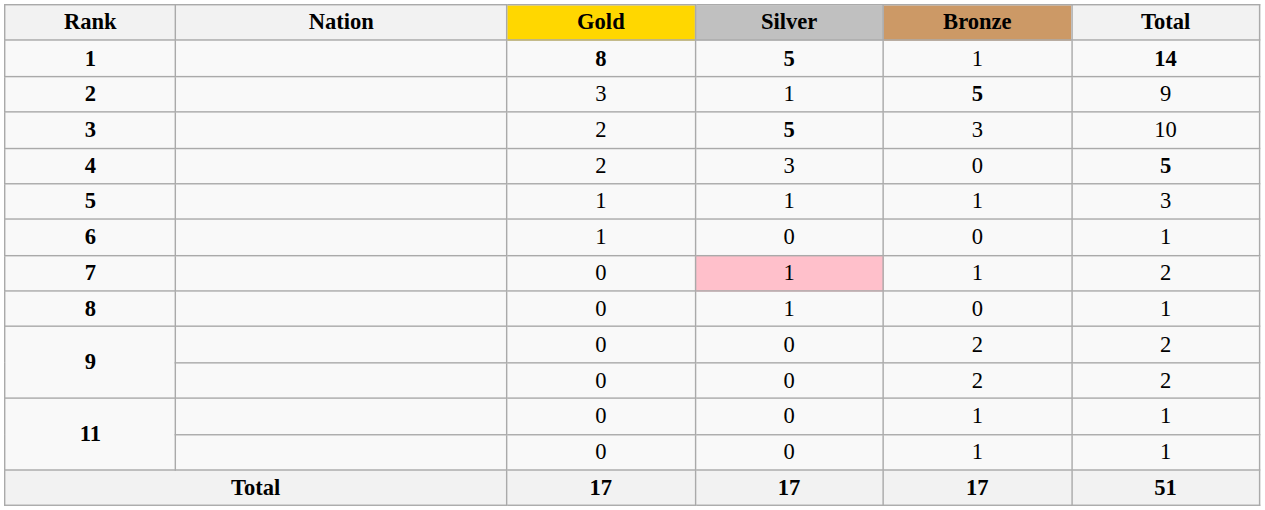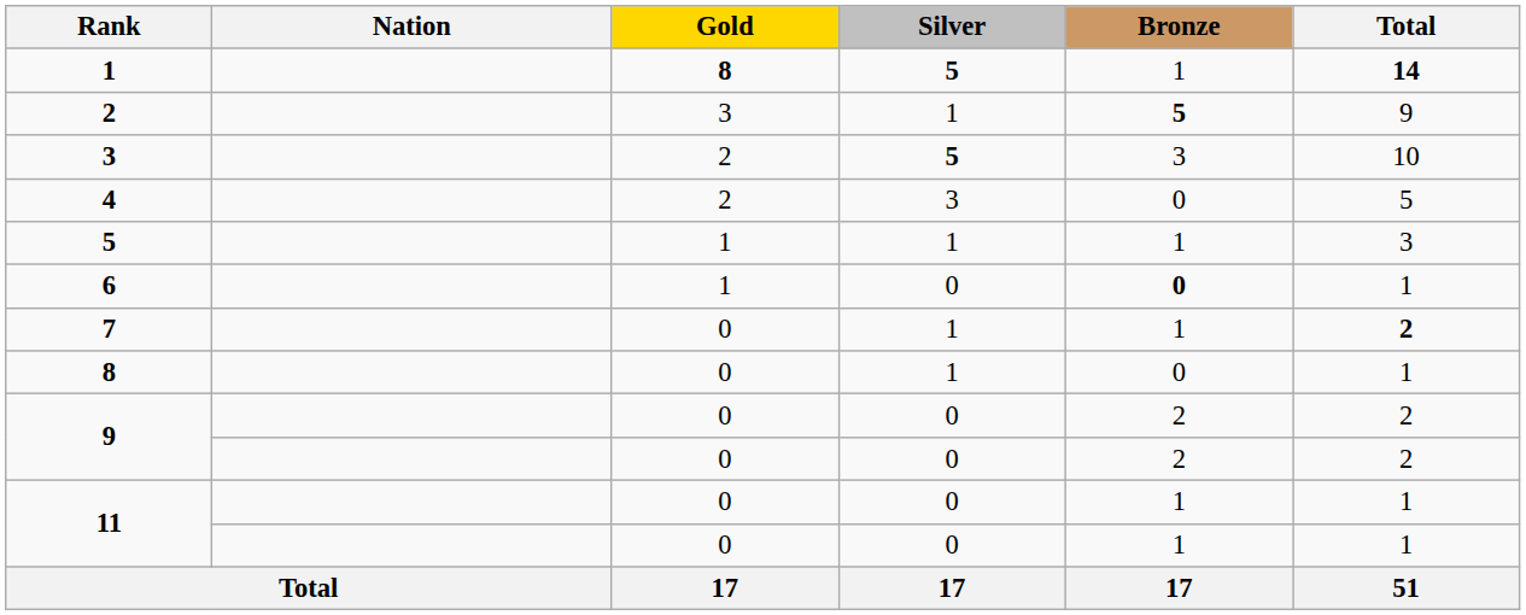 <table class="wikitable collapsible autocollapse plainrowheaders" width=70.5% style="text-align:center;">
 <tr style="background-color:#EDEDED;">
 <th width=100px class="hintergrundfarbe5">Rank</th>
 <th width=200px class="hintergrundfarbe6">Nation</th>
 <th style="background:    gold; width:15%">Gold</th>
 <th style="background:  silver; width:15%">Silver</th>
 <th style="background: #CC9966; width:15%">Bronze</th>
 <th class="hintergrundfarbe6" style="width:15%">Total</th>
 </tr>
 <tr>
 <td><strong>1</strong></td>
 <td align=left></td>
 <td><strong>8</strong></td>
 <td><strong>5</strong></td>
 <td>1</td>
 <td><strong>14</strong></td>
 </tr>
 <tr>
 <td><strong>2</strong></td>
 <td align=left></td>
 <td>3</td>
 <td>1</td>
 <td><strong>5</strong></td>
 <td>9</td>
 </tr>
 <tr>
 <td><strong>3</strong></td>
 <td align=left></td>
 <td>2</td>
 <td><strong>5</strong></td>
 <td>3</td>
 <td>10</td>
 </tr>
 <tr>
 <td><strong>4</strong></td>
 <td align=left></td>
 <td>2</td>
 <td>3</td>
 <td>0</td>
-<td><strong>5</strong></td>
+<td>5</td>
 </tr>
 <tr>
 <td><strong>5</strong></td>
 <td align=left></td>
 <td>1</td>
 <td>1</td>
 <td>1</td>
 <td>3</td>
 </tr>
 <tr>
 <td><strong>6</strong></td>
 <td align=left><em></em></td>
 <td>1</td>
 <td>0</td>
-<td>0</td>
+<td><strong>0</strong></td>
 <td>1</td>
 </tr>
 <tr>
 <td><strong>7</strong></td>
 <td align=left></td>
 <td>0</td>
-<td style="background: pink;">1</td>
 <td>1</td>
-<td>2</td>
+<td>1</td>
+<td><strong>2</strong></td>
 </tr>
 <tr>
 <td><strong>8</strong></td>
 <td align=left></td>
 <td>0</td>
 <td>1</td>
 <td>0</td>
 <td>1</td>
 </tr>
 <tr>
 <td rowspan=2><strong>9</strong></td>
 <td align=left></td>
 <td>0</td>
 <td>0</td>
 <td>2</td>
 <td>2</td>
 </tr>
 <tr>
 <td align=left></td>
 <td>0</td>
 <td>0</td>
 <td>2</td>
 <td>2</td>
 </tr>
 <tr>
 <td rowspan=2><strong>11</strong></td>
 <td align=left></td>
 <td>0</td>
 <td>0</td>
 <td>1</td>
 <td>1</td>
 </tr>
 <tr>
 <td align=left></td>
 <td>0</td>
 <td>0</td>
 <td>1</td>
 <td>1</td>
 </tr>
 <tr>
 <th colspan=2>Total</th>
 <th>17</th>
 <th>17</th>
 <th>17</th>
 <th>51</th>
 </tr>
 </table>
